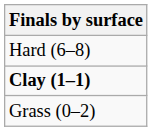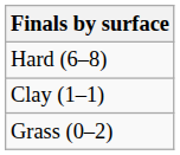 <table class=wikitable style=font-size:90%>
 <tr>
 <th>Finals by surface</th>
 </tr>
 <tr>
 <td>Hard (6–8)</td>
 </tr>
 <tr>
-<td><strong>Clay (1–1)</strong></td>
+<td>Clay (1–1)</td>
 </tr>
 <tr>
 <td>Grass (0–2)</td>
 </tr>
 </table>
